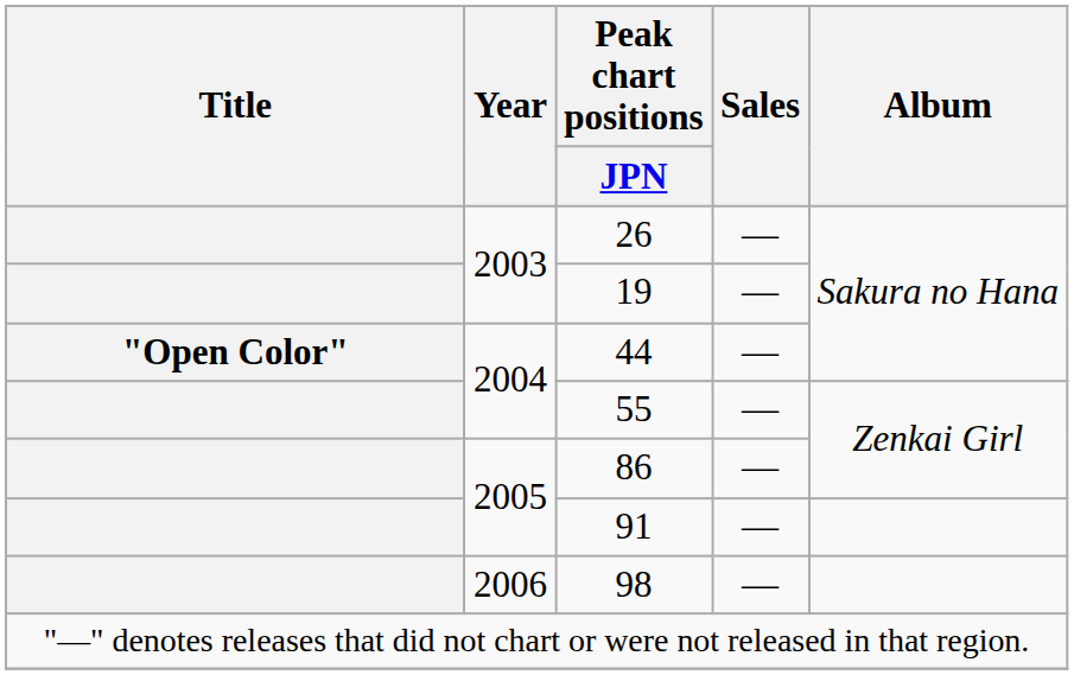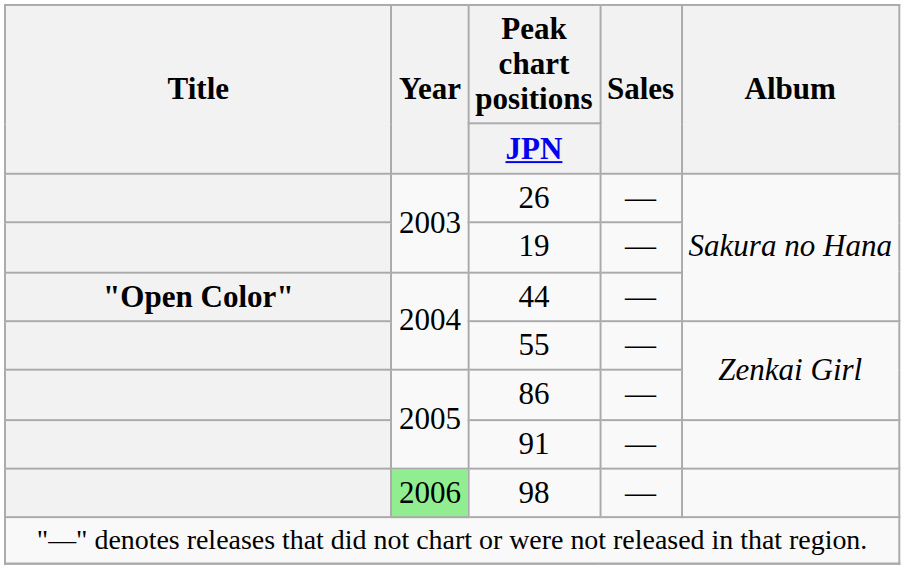 <table class="wikitable plainrowheaders" style="text-align:center;">
 <tr>
 <th scope="col" rowspan="2" style="width:12em;">Title</th>
 <th scope="col" rowspan="2">Year</th>
 <th scope="col" colspan="1">Peak chart positions</th>
 <th scope="col" rowspan="2">Sales</th>
 <th scope="col" rowspan="2">Album</th>
 </tr>
 <tr>
 <th width="30"><a href='#'>JPN</a></th>
 </tr>
 <tr>
 <th scope="row"><br></th>
 <td rowspan="2">2003</td>
 <td>26</td>
 <td>—</td>
 <td rowspan="3"><em>Sakura no Hana</em></td>
 </tr>
 <tr>
 <th scope="row"></th>
 <td>19</td>
 <td>—</td>
 </tr>
 <tr>
 <th scope="row">"Open Color"</th>
 <td rowspan="2">2004</td>
 <td>44</td>
 <td>—</td>
 </tr>
 <tr>
 <th scope="row"></th>
 <td>55</td>
 <td>—</td>
 <td rowspan="2"><em>Zenkai Girl</em></td>
 </tr>
 <tr>
 <th scope="row"><br></th>
 <td rowspan="2">2005</td>
 <td>86</td>
 <td>—</td>
 </tr>
 <tr>
 <th scope="row"></th>
 <td>91</td>
 <td>—</td>
 <td></td>
 </tr>
 <tr>
 <th scope="row"></th>
-<td>2006</td>
+<td style="background: lightgreen;">2006</td>
 <td>98</td>
 <td>—</td>
 <td></td>
 </tr>
 <tr>
 <td colspan="6" style="font-size:90%;">"—" denotes releases that did not chart or were not released in that region.</td>
 </tr>
 <tr>
 </tr>
 </table>
